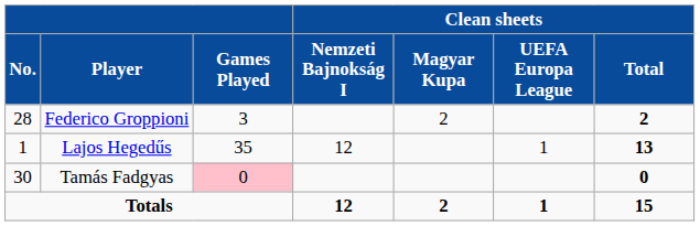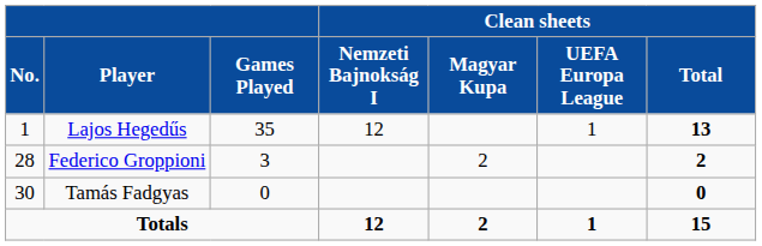 <table class="wikitable sortable alternance" style="text-align:center">
 <tr>
 <th colspan="3" style="background:#094B9B"></th>
 <th colspan="4" style="background:#094B9B; color:#FFFFFF">Clean sheets</th>
 </tr>
 <tr>
 <th style="background-color:#094B9B; color:#FFFFFF">No.</th>
 <th style="background-color:#094B9B; color:#FFFFFF">Player</th>
 <th width=80 style="background-color:#094B9B; color:#FFFFFF">Games Played</th>
 <th width=80 style="background-color:#094B9B; color:#FFFFFF">Nemzeti Bajnokság I</th>
 <th width=80 style="background-color:#094B9B; color:#FFFFFF">Magyar Kupa</th>
 <th width=80 style="background-color:#094B9B; color:#FFFFFF">UEFA Europa League</th>
 <th width=80 style="background-color:#094B9B; color:#FFFFFF">Total</th>
 </tr>
 <tr>
+<td>1</td>
+<td> <a href='#'>Lajos Hegedűs</a></td>
+<td>35</td>
+<td>12</td>
+<td></td>
+<td>1</td>
+<td><strong>13</strong></td>
+</tr>
+<tr>
 <td>28</td>
 <td> <a href='#'>Federico Groppioni</a></td>
 <td>3</td>
 <td></td>
 <td>2</td>
 <td></td>
 <td><strong>2</strong></td>
 </tr>
 <tr>
-<td>1</td>
-<td> <a href='#'>Lajos Hegedűs</a></td>
-<td>35</td>
-<td>12</td>
-<td></td>
-<td>1</td>
-<td><strong>13</strong></td>
-</tr>
-<tr>
 <td>30</td>
 <td> Tamás Fadgyas</td>
-<td style="background: pink;">0</td>
+<td>0</td>
 <td></td>
 <td></td>
 <td></td>
 <td><strong>0</strong></td>
 </tr>
 <tr class="sortbottom">
 <td colspan="3"><strong>Totals</strong></td>
 <td><strong>12</strong></td>
 <td><strong>2</strong></td>
 <td><strong>1</strong></td>
 <td><strong>15</strong></td>
 </tr>
 </table>
